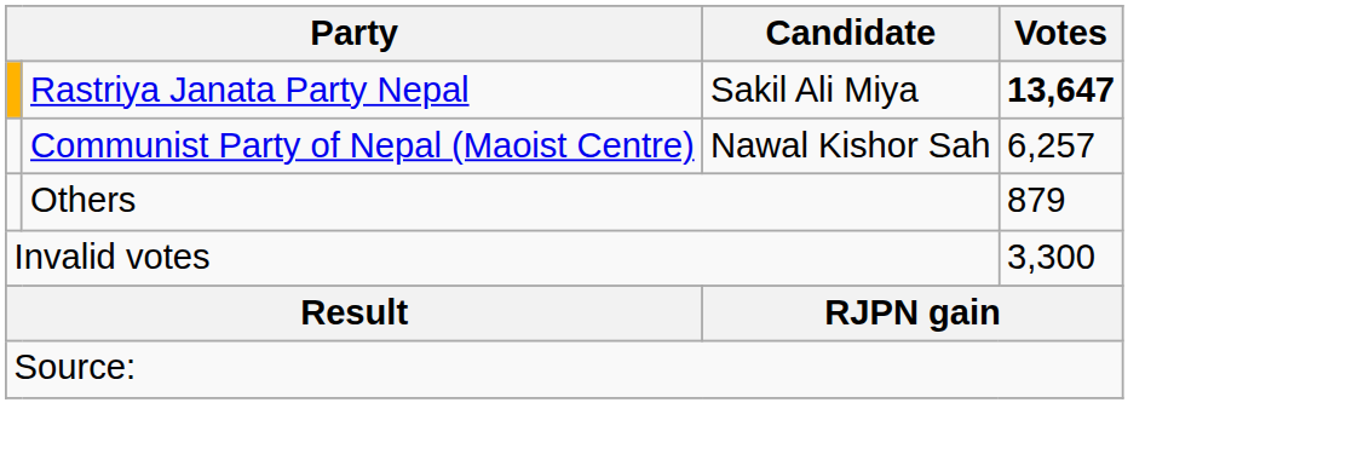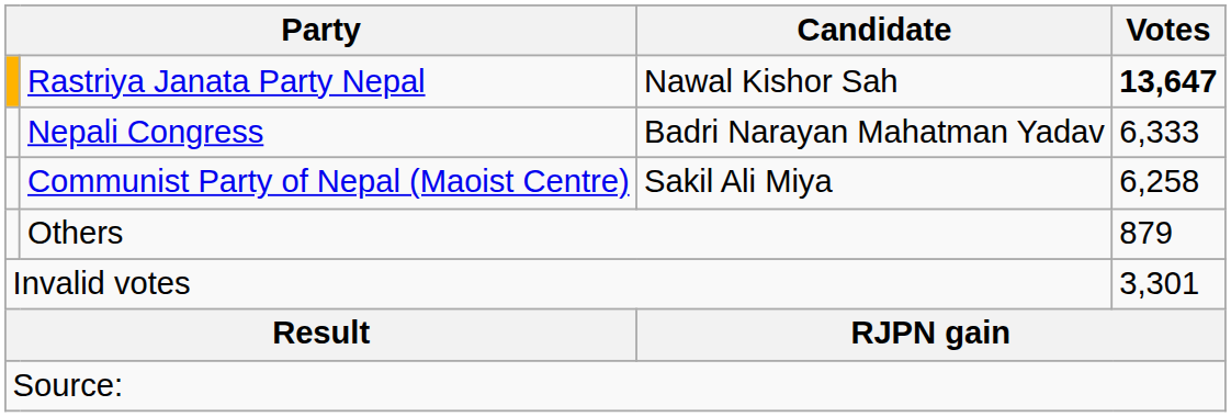 <table class="wikitable">
 <tr>
 <th colspan="2">Party</th>
 <th>Candidate</th>
 <th>Votes</th>
 </tr>
 <tr>
 <td style="background-color:#ffb300"></td>
 <td><a href='#'>Rastriya Janata Party Nepal</a></td>
-<td>Sakil Ali Miya</td>
+<td>Nawal Kishor Sah</td>
 <td><strong>13,647</strong></td>
 </tr>
 <tr>
 <td style="background-color:"></td>
+<td><a href='#'>Nepali Congress</a></td>
+<td>Badri Narayan Mahatman Yadav</td>
+<td>6,333</td>
+</tr>
+<tr>
+<td style="background-color:"></td>
 <td><a href='#'>Communist Party of Nepal (Maoist Centre)</a></td>
-<td>Nawal Kishor Sah</td>
-<td>6,257</td>
+<td>Sakil Ali Miya</td>
+<td>6,258</td>
 </tr>
 <tr>
 <td></td>
 <td colspan="2">Others</td>
 <td>879</td>
 </tr>
 <tr>
 <td colspan="3">Invalid votes</td>
-<td>3,300</td>
+<td>3,301</td>
 </tr>
 <tr>
 <th colspan="2">Result</th>
 <th colspan="2">RJPN gain</th>
 </tr>
 <tr>
 <td colspan="4">Source: </td>
 </tr>
 </table>
